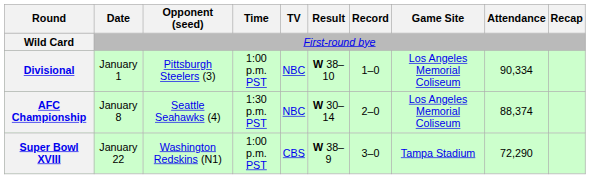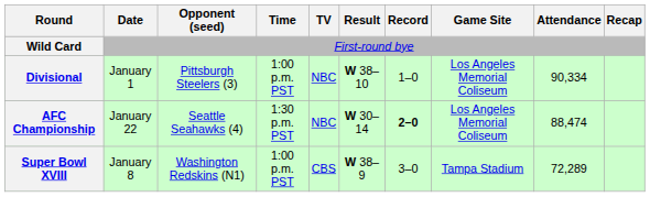 <table class="wikitable" style="text-align:center">
 <tr>
 <th>Round</th>
 <th>Date</th>
 <th>Opponent (seed)</th>
 <th>Time</th>
 <th>TV</th>
 <th>Result</th>
 <th>Record</th>
 <th>Game Site</th>
 <th>Attendance</th>
 <th>Recap</th>
 </tr>
 <tr style="background:#bababa">
 <th>Wild Card</th>
 <td colspan="9"><em><a href='#'>First-round bye</a></em></td>
 </tr>
 <tr style="background:#cfc">
 <th><a href='#'>Divisional</a></th>
 <td>January 1</td>
 <td><a href='#'>Pittsburgh Steelers</a> (3)</td>
 <td>1:00 p.m. <a href='#'>PST</a></td>
 <td><a href='#'>NBC</a></td>
 <td><strong>W</strong> 38–10</td>
 <td>1–0</td>
 <td><a href='#'>Los Angeles Memorial Coliseum</a></td>
 <td>90,334</td>
 <td></td>
 </tr>
 <tr style="background:#cfc">
 <th><a href='#'>AFC Championship</a></th>
-<td>January 8</td>
+<td>January 22</td>
 <td><a href='#'>Seattle Seahawks</a> (4)</td>
 <td>1:30 p.m. <a href='#'>PST</a></td>
 <td><a href='#'>NBC</a></td>
 <td><strong>W</strong> 30–14</td>
-<td>2–0</td>
+<td><strong>2–0</strong></td>
 <td><a href='#'>Los Angeles Memorial Coliseum</a></td>
-<td>88,374</td>
+<td>88,474</td>
 <td></td>
 </tr>
 <tr style="background:#cfc">
 <th><a href='#'>Super Bowl XVIII</a></th>
-<td>January 22</td>
+<td>January 8</td>
 <td><a href='#'>Washington Redskins</a> (N1)</td>
 <td>1:00 p.m. <a href='#'>PST</a></td>
 <td><a href='#'>CBS</a></td>
 <td><strong>W</strong> 38–9</td>
 <td>3–0</td>
 <td><a href='#'>Tampa Stadium</a></td>
-<td>72,290</td>
+<td>72,289</td>
 <td></td>
 </tr>
 </table>
